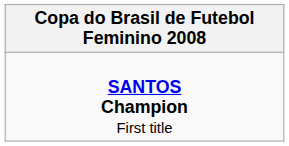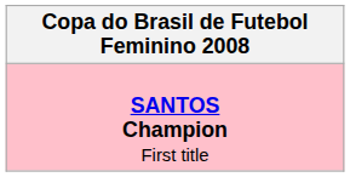 <table class="wikitable" style="margin: 0 auto; width: 20%;">
 <tr>
 <th>Copa do Brasil de Futebol Feminino 2008</th>
 </tr>
 <tr>
-<td align=center> <br><strong><a href='#'>SANTOS</a></strong><br><strong>Champion</strong><br><small>First title</small></td>
+<td align=center style="background: pink;"> <br><strong><a href='#'>SANTOS</a></strong><br><strong>Champion</strong><br><small>First title</small></td>
 </tr>
 </table>
